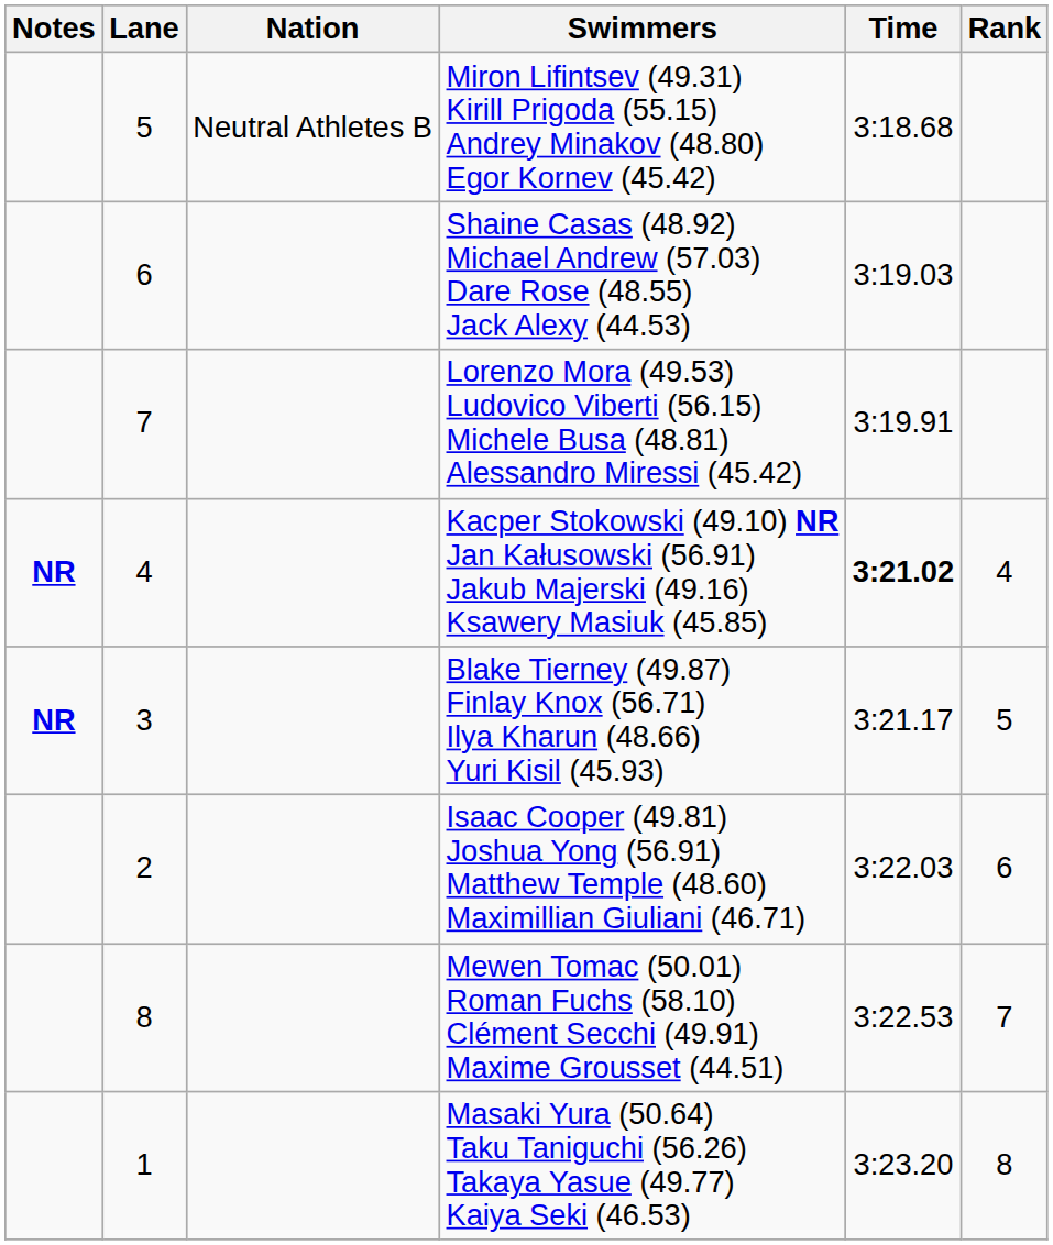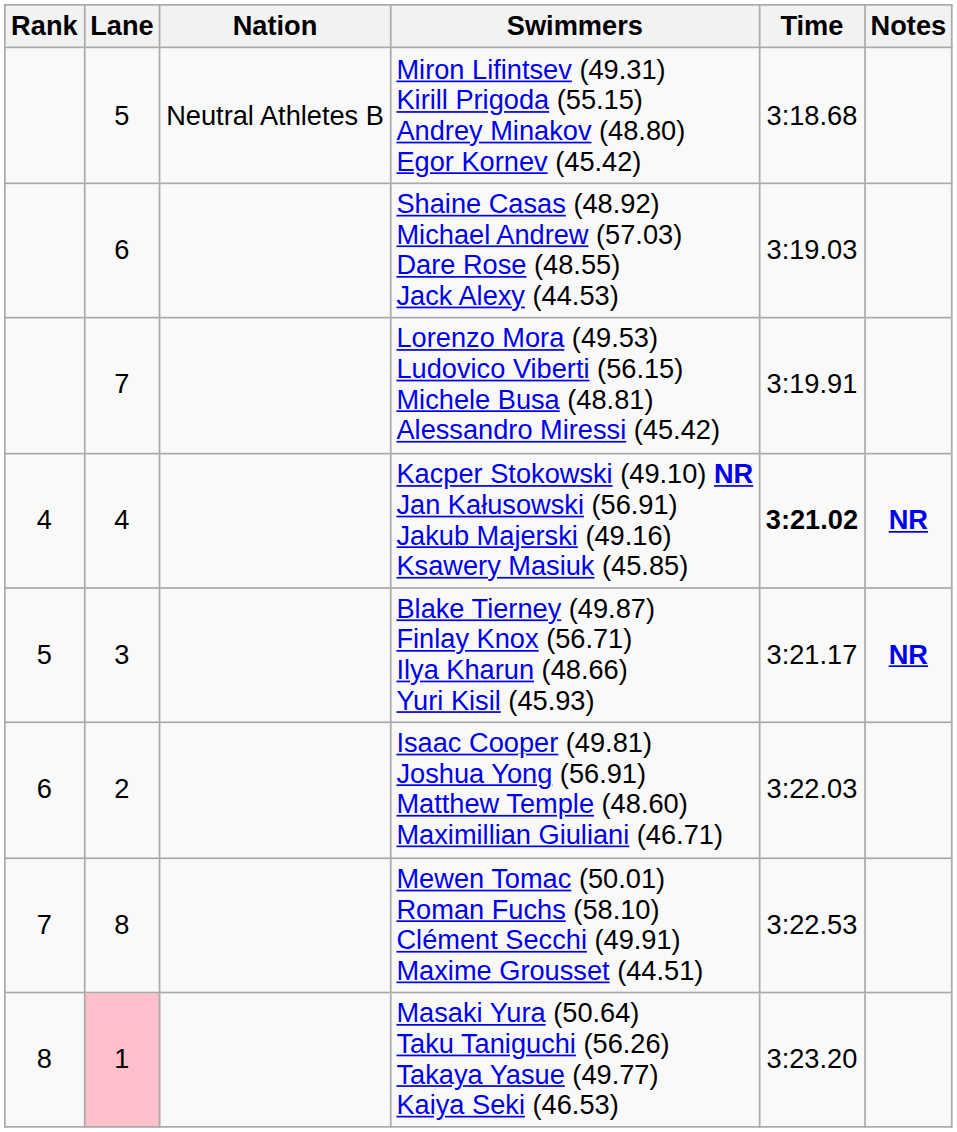 <table class="wikitable sortable" style="text-align:center">
 <tr>
-<th>Notes</th>
+<th>Rank</th>
 <th>Lane</th>
 <th>Nation</th>
 <th>Swimmers</th>
 <th>Time</th>
-<th>Rank</th>
+<th>Notes</th>
 </tr>
 <tr>
 <td></td>
 <td>5</td>
 <td align=left> Neutral Athletes B</td>
 <td align=left><a href='#'>Miron Lifintsev</a> (49.31)<br><a href='#'>Kirill Prigoda</a> (55.15)<br><a href='#'>Andrey Minakov</a> (48.80)<br><a href='#'>Egor Kornev</a> (45.42)</td>
 <td>3:18.68</td>
 <td></td>
 </tr>
 <tr>
 <td></td>
 <td>6</td>
 <td align=left></td>
 <td align=left><a href='#'>Shaine Casas</a> (48.92)<br><a href='#'>Michael Andrew</a> (57.03)<br><a href='#'>Dare Rose</a> (48.55)<br><a href='#'>Jack Alexy</a> (44.53)</td>
 <td>3:19.03</td>
 <td></td>
 </tr>
 <tr>
 <td></td>
 <td>7</td>
 <td align=left></td>
 <td align=left><a href='#'>Lorenzo Mora</a> (49.53)<br><a href='#'>Ludovico Viberti</a> (56.15)<br><a href='#'>Michele Busa</a> (48.81)<br><a href='#'>Alessandro Miressi</a> (45.42)</td>
 <td>3:19.91</td>
 <td></td>
 </tr>
 <tr>
-<td><strong><a href='#'>NR</a></strong></td>
+<td>4</td>
 <td>4</td>
 <td align=left></td>
 <td align=left><a href='#'>Kacper Stokowski</a> (49.10) <strong><a href='#'>NR</a></strong><br><a href='#'>Jan Kałusowski</a> (56.91)<br><a href='#'>Jakub Majerski</a> (49.16)<br><a href='#'>Ksawery Masiuk</a> (45.85)</td>
 <td><strong>3:21.02</strong></td>
-<td>4</td>
+<td><strong><a href='#'>NR</a></strong></td>
 </tr>
 <tr>
-<td><strong><a href='#'>NR</a></strong></td>
+<td>5</td>
 <td>3</td>
 <td align=left></td>
 <td align=left><a href='#'>Blake Tierney</a> (49.87)<br><a href='#'>Finlay Knox</a> (56.71)<br><a href='#'>Ilya Kharun</a> (48.66)<br><a href='#'>Yuri Kisil</a> (45.93)</td>
 <td>3:21.17</td>
-<td>5</td>
+<td><strong><a href='#'>NR</a></strong></td>
 </tr>
 <tr>
-<td></td>
+<td>6</td>
 <td>2</td>
 <td align=left></td>
 <td align=left><a href='#'>Isaac Cooper</a> (49.81)<br><a href='#'>Joshua Yong</a> (56.91)<br><a href='#'>Matthew Temple</a> (48.60)<br><a href='#'>Maximillian Giuliani</a> (46.71)</td>
 <td>3:22.03</td>
-<td>6</td>
+<td></td>
 </tr>
 <tr>
-<td></td>
+<td>7</td>
 <td>8</td>
 <td align=left></td>
 <td align=left><a href='#'>Mewen Tomac</a> (50.01)<br><a href='#'>Roman Fuchs</a> (58.10)<br><a href='#'>Clément Secchi</a> (49.91)<br><a href='#'>Maxime Grousset</a> (44.51)</td>
 <td>3:22.53</td>
-<td>7</td>
+<td></td>
 </tr>
 <tr>
-<td></td>
-<td>1</td>
+<td>8</td>
+<td style="background: pink;">1</td>
 <td align=left></td>
 <td align=left><a href='#'>Masaki Yura</a> (50.64)<br><a href='#'>Taku Taniguchi</a> (56.26)<br><a href='#'>Takaya Yasue</a> (49.77)<br><a href='#'>Kaiya Seki</a> (46.53)</td>
 <td>3:23.20</td>
-<td>8</td>
+<td></td>
 </tr>
 </table>
